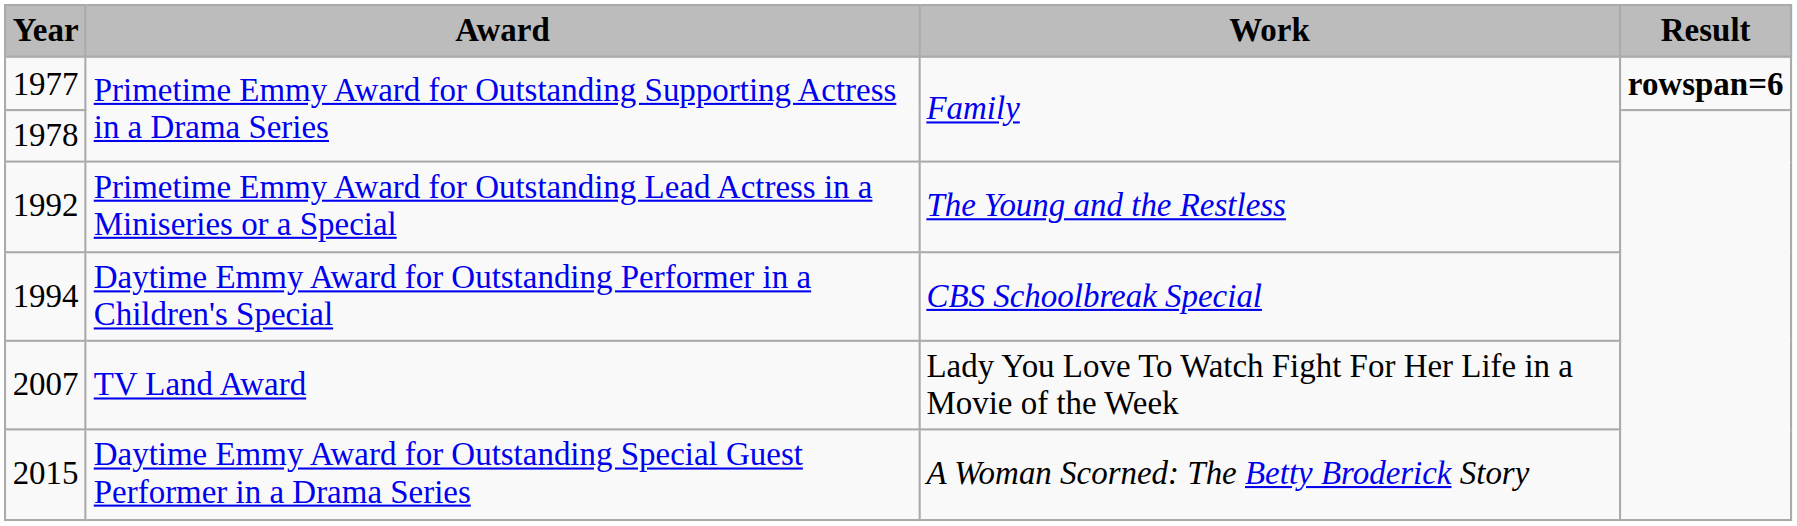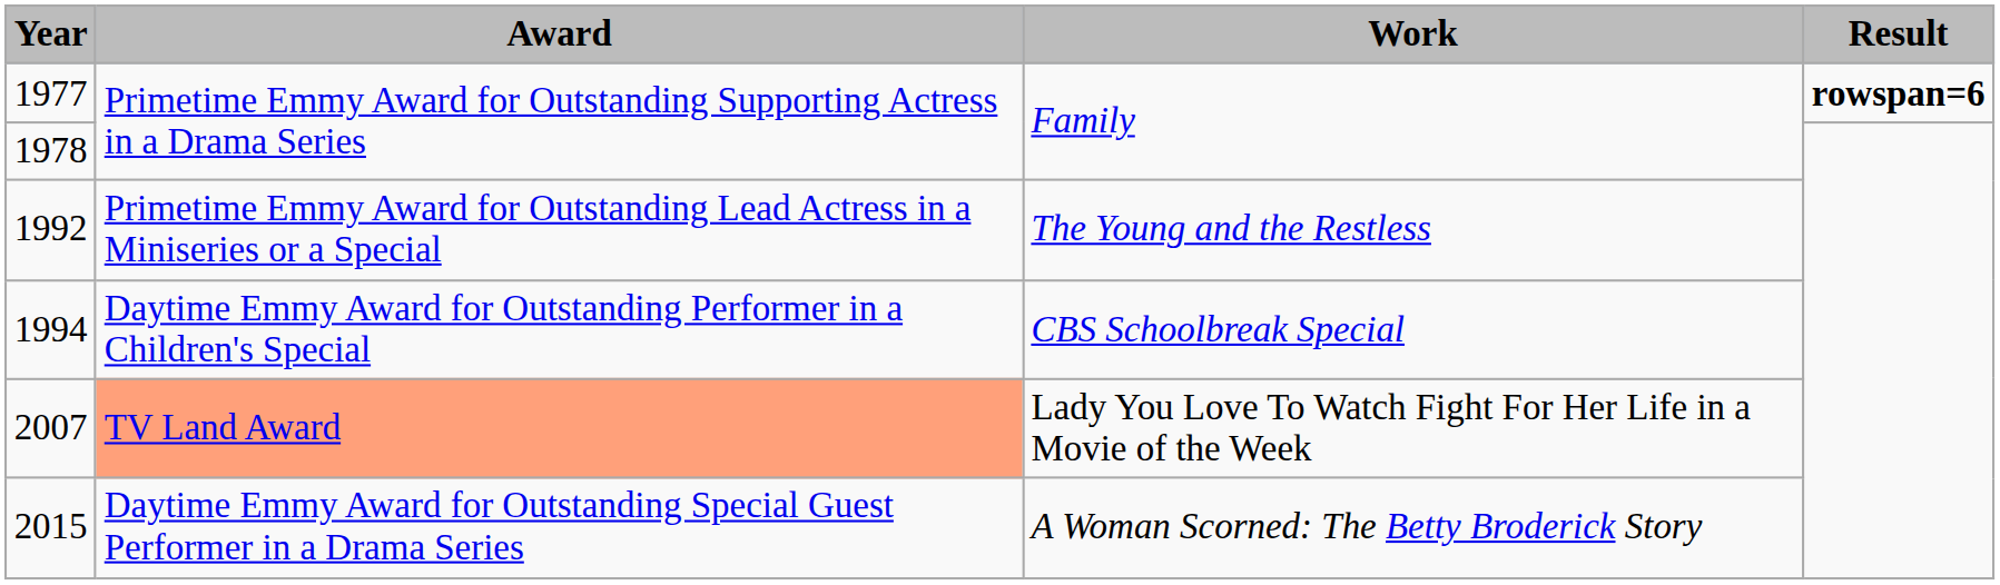 <table class="wikitable">
 <tr style="background:#b0c4de; text-align:center;">
 <th style="background:#bcbcbc;">Year</th>
 <th style="background:#bcbcbc;">Award</th>
 <th style="background:#bcbcbc;">Work</th>
 <th style="background:#bcbcbc;">Result</th>
 </tr>
 <tr>
 <td>1977</td>
 <td rowspan=2><a href='#'>Primetime Emmy Award for Outstanding Supporting Actress in a Drama Series</a></td>
 <td rowspan=2><em><a href='#'>Family</a></em></td>
 <td><strong>rowspan=6  </strong></td>
 </tr>
 <tr>
 <td>1978</td>
 </tr>
 <tr>
 <td>1992</td>
 <td><a href='#'>Primetime Emmy Award for Outstanding Lead Actress in a Miniseries or a Special</a></td>
 <td><em><a href='#'>The Young and the Restless</a></em></td>
 </tr>
 <tr>
 <td>1994</td>
 <td><a href='#'>Daytime Emmy Award for Outstanding Performer in a Children's Special</a></td>
 <td><em><a href='#'>CBS Schoolbreak Special</a></em></td>
 </tr>
 <tr>
 <td>2007</td>
-<td><a href='#'>TV Land Award</a></td>
+<td style="background: lightsalmon;"><a href='#'>TV Land Award</a></td>
 <td>Lady You Love To Watch Fight For Her Life in a Movie of the Week</td>
 </tr>
 <tr>
 <td>2015</td>
 <td><a href='#'>Daytime Emmy Award for Outstanding Special Guest Performer in a Drama Series</a></td>
 <td><em>A Woman Scorned: The <a href='#'>Betty Broderick</a> Story</em></td>
 </tr>
 </table>
